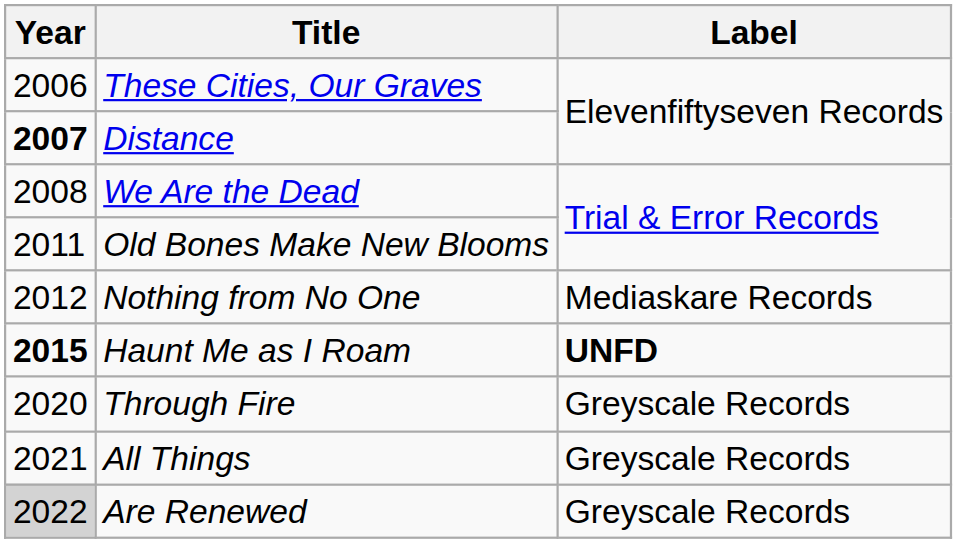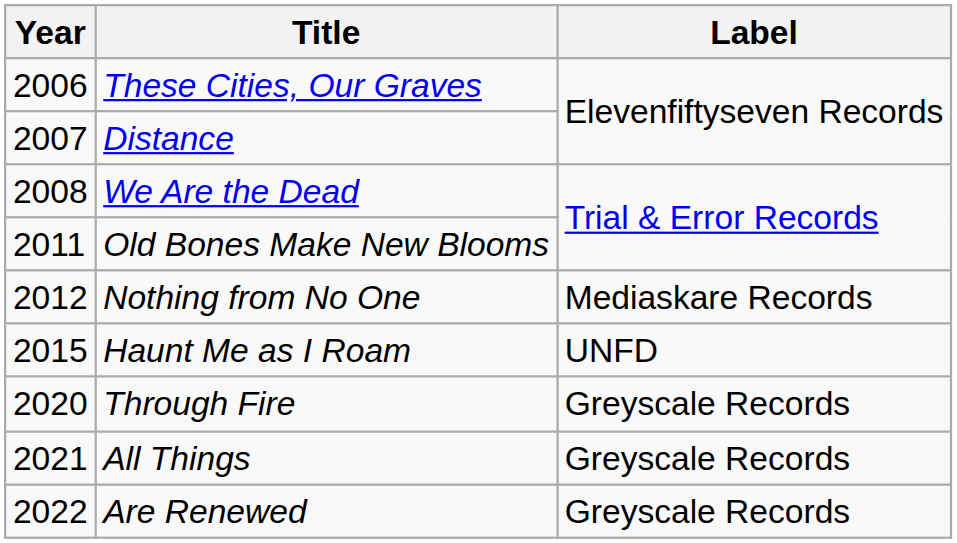 <table class="wikitable" style="font-size: 95%;">
 <tr>
 <th>Year</th>
 <th>Title</th>
 <th>Label</th>
 </tr>
 <tr>
 <td>2006</td>
 <td><em><a href='#'>These Cities, Our Graves</a></em></td>
 <td rowspan="2">Elevenfiftyseven Records</td>
 </tr>
 <tr>
-<td><strong>2007</strong></td>
+<td>2007</td>
 <td><em><a href='#'>Distance</a></em></td>
 </tr>
 <tr>
 <td>2008</td>
 <td><em><a href='#'>We Are the Dead</a></em></td>
 <td rowspan="2"><a href='#'>Trial & Error Records</a></td>
 </tr>
 <tr>
 <td>2011</td>
 <td><em>Old Bones Make New Blooms</em></td>
 </tr>
 <tr>
 <td>2012</td>
 <td><em>Nothing from No One</em></td>
 <td>Mediaskare Records</td>
 </tr>
 <tr>
-<td><strong>2015</strong></td>
+<td>2015</td>
 <td><em>Haunt Me as I Roam</em></td>
-<td><strong>UNFD</strong></td>
+<td>UNFD</td>
 </tr>
 <tr>
 <td>2020</td>
 <td><em>Through Fire</em></td>
 <td>Greyscale Records</td>
 </tr>
 <tr>
 <td>2021</td>
 <td><em>All Things</em></td>
 <td>Greyscale Records</td>
 </tr>
 <tr>
-<td style="background: lightgrey;">2022</td>
+<td>2022</td>
 <td><em>Are Renewed</em></td>
 <td>Greyscale Records</td>
 </tr>
 </table>
